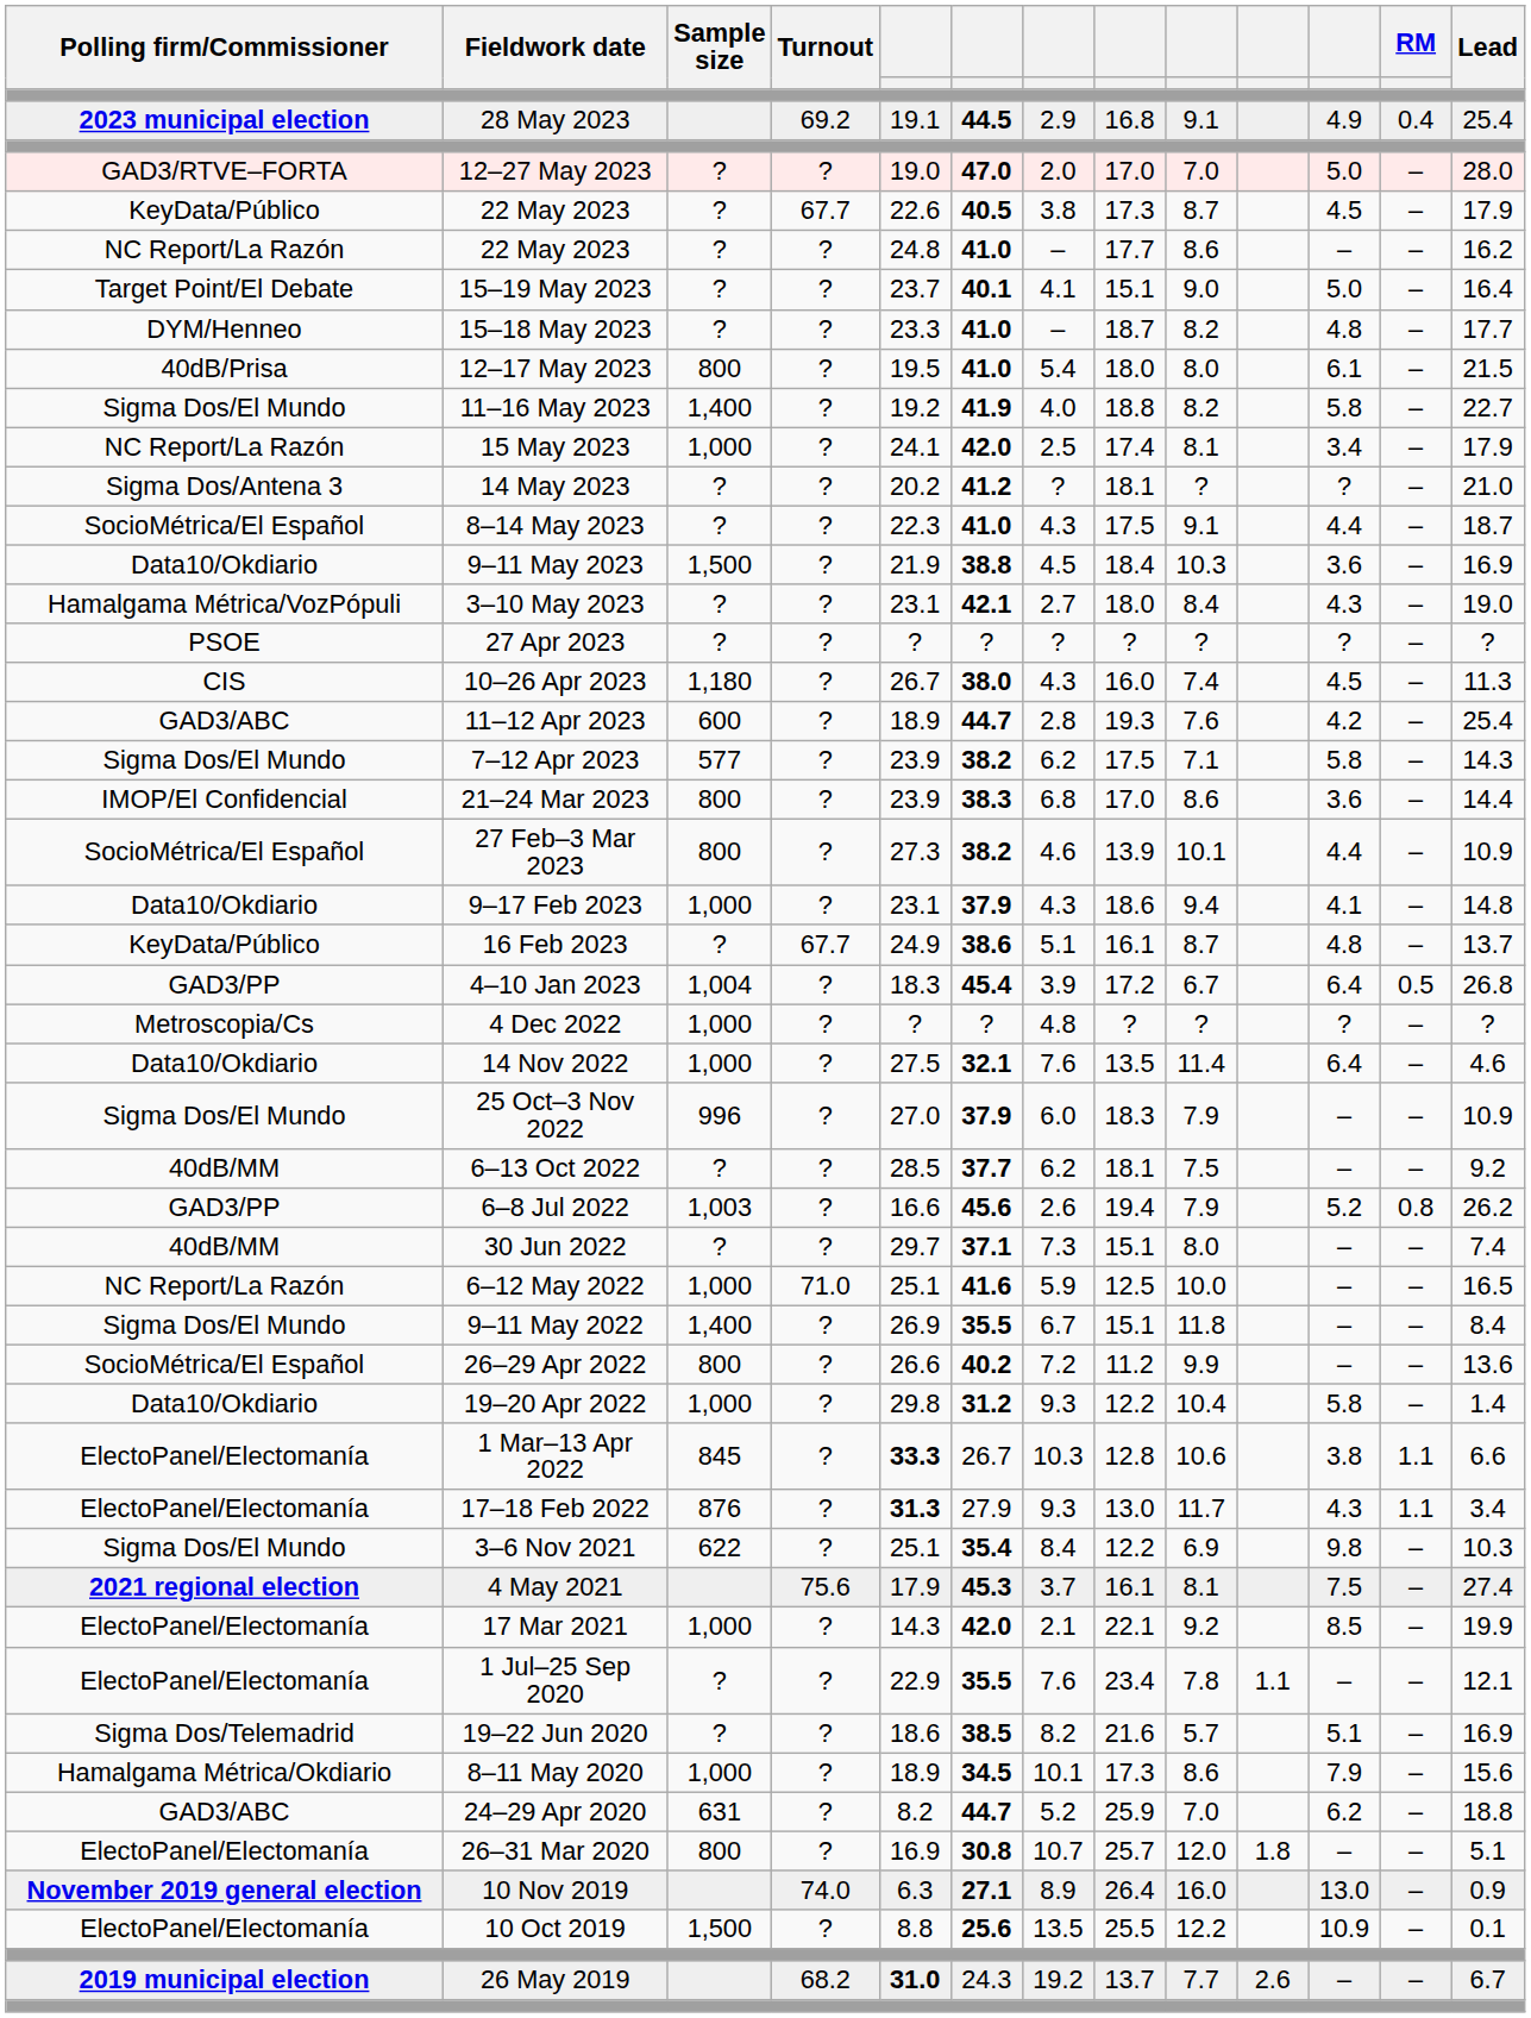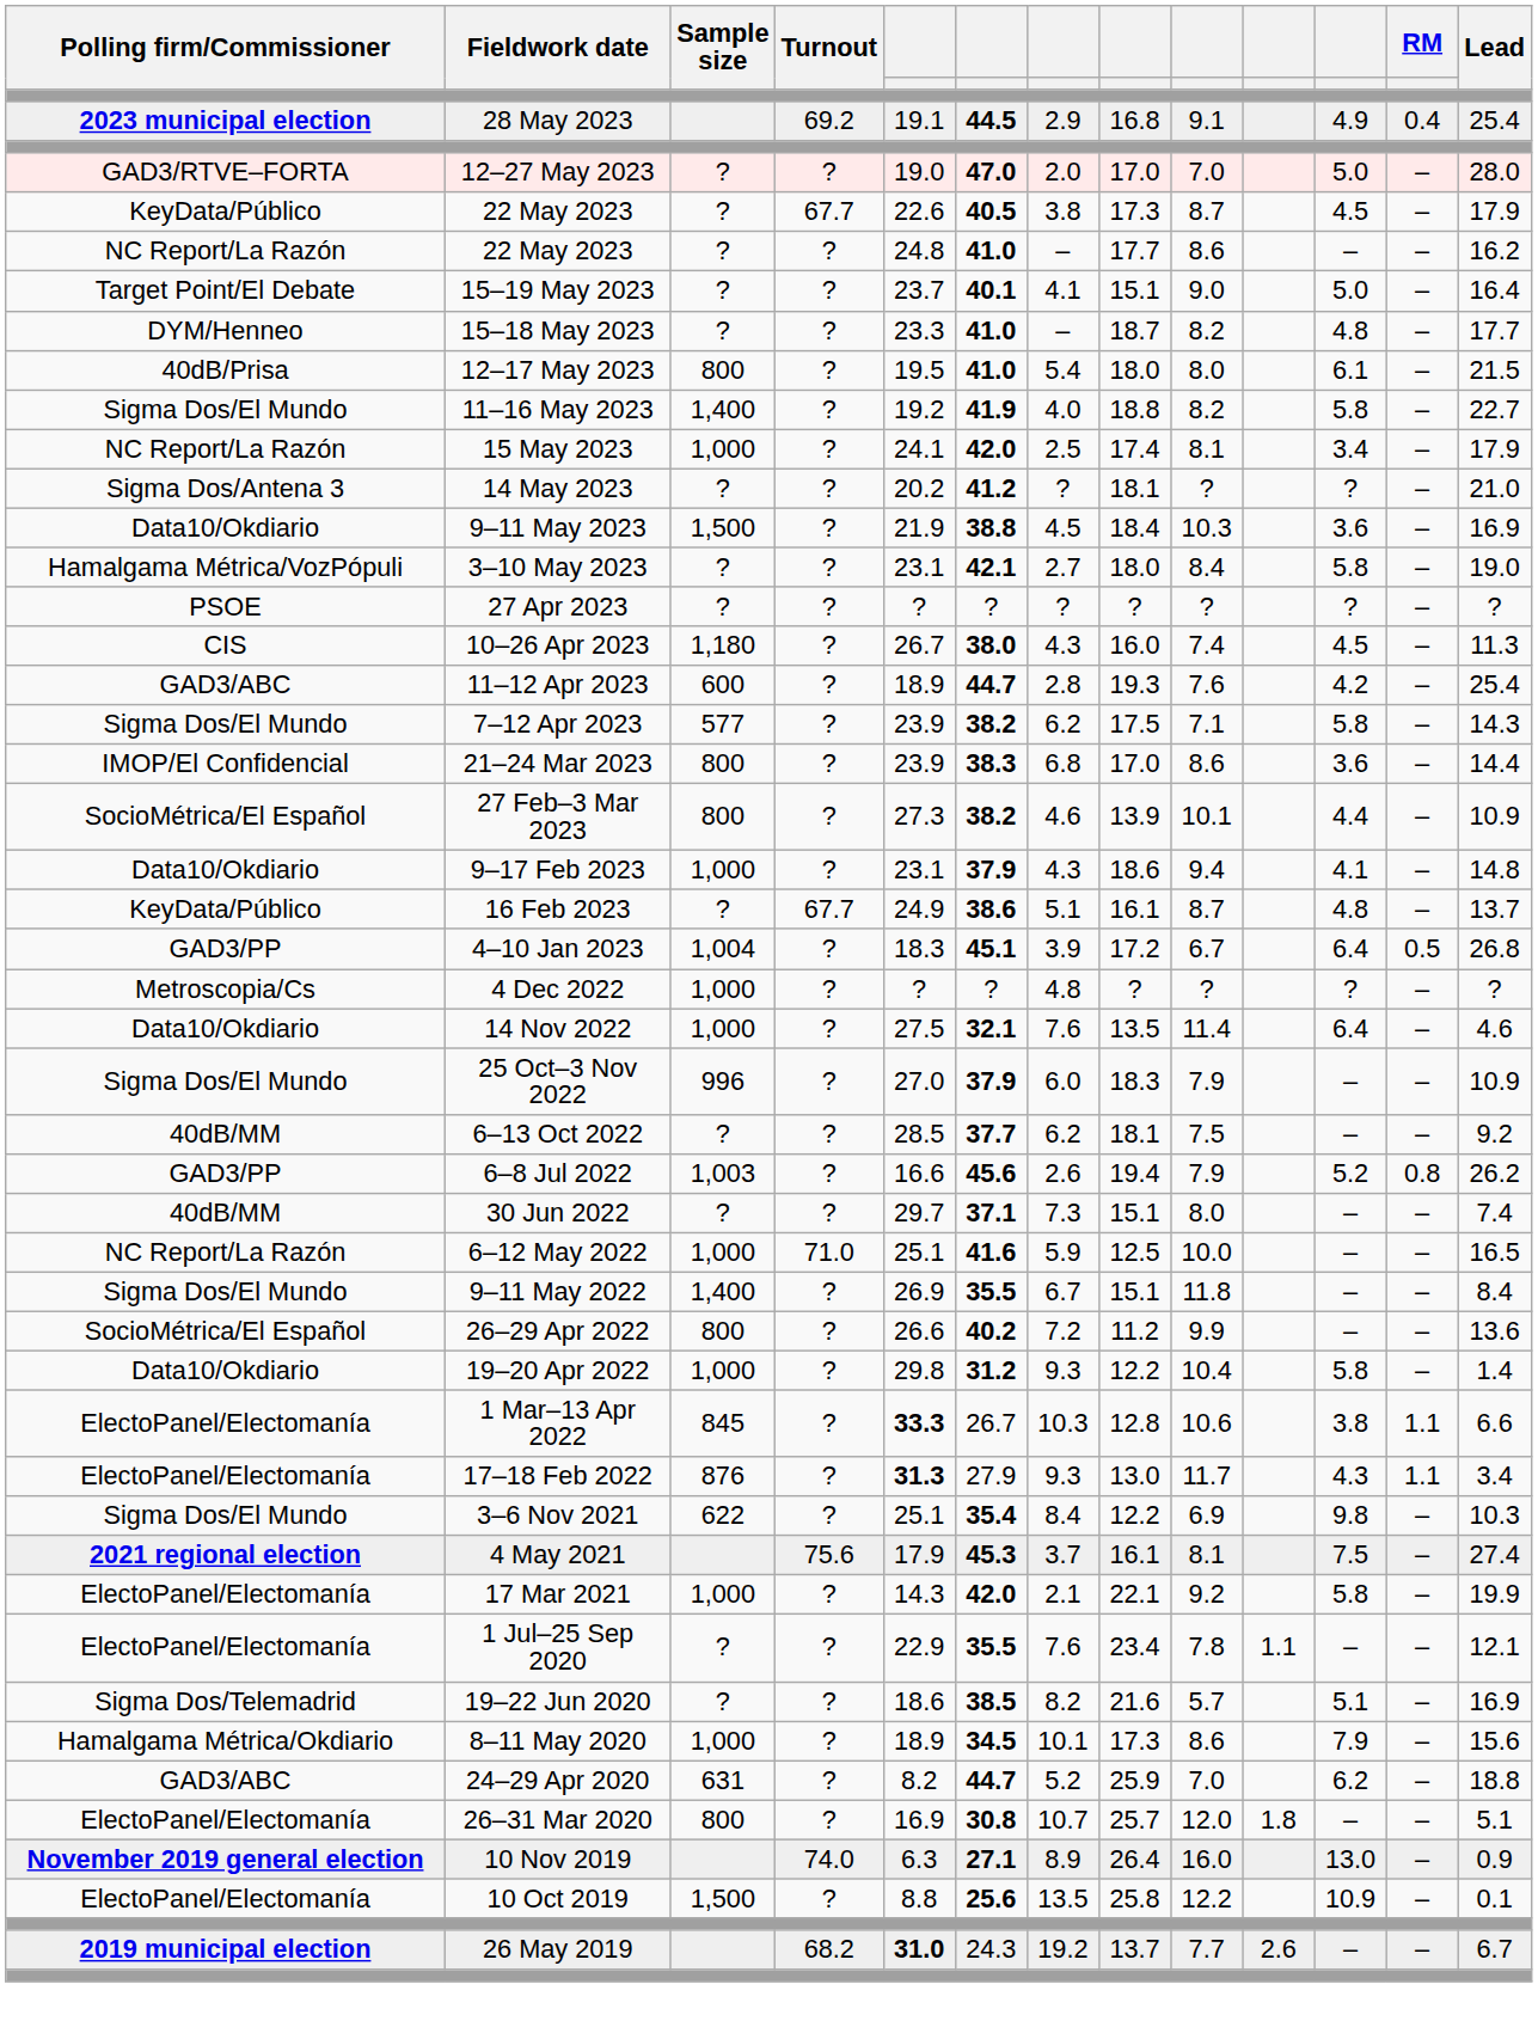 <table class="wikitable collapsible collapsed" style="text-align:center; font-size:95%; line-height:16px;">
 <tr style="height:42px;">
 <th style="width:250px;" rowspan="2">Polling firm/Commissioner</th>
 <th style="width:125px;" rowspan="2">Fieldwork date</th>
 <th style="width:50px;" rowspan="2">Sample size</th>
 <th style="width:45px;" rowspan="2">Turnout</th>
 <th style="width:35px;"></th>
 <th style="width:35px;"></th>
 <th style="width:35px;"></th>
 <th style="width:35px;"></th>
 <th style="width:35px;"></th>
 <th style="width:35px;"></th>
 <th style="width:35px;"></th>
 <th style="width:35px;"><a href='#'>RM</a></th>
 <th style="width:30px;" rowspan="2">Lead</th>
 </tr>
 <tr>
 <th style="color:inherit;background:"></th>
 <th style="color:inherit;background:"></th>
 <th style="color:inherit;background:"></th>
 <th style="color:inherit;background:"></th>
 <th style="color:inherit;background:"></th>
 <th style="color:inherit;background:"></th>
 <th style="color:inherit;background:"></th>
 <th style="color:inherit;background:"></th>
 </tr>
 <tr>
 <td colspan="13" style="background:#A0A0A0"></td>
 </tr>
 <tr style="background:#EFEFEF;">
 <td><strong><a href='#'>2023 municipal election</a></strong></td>
 <td>28 May 2023</td>
 <td></td>
 <td>69.2</td>
 <td>19.1<br></td>
 <td><strong>44.5</strong><br></td>
 <td>2.9<br></td>
 <td>16.8<br></td>
 <td>9.1<br></td>
 <td></td>
 <td>4.9<br></td>
 <td>0.4<br></td>
 <td style="background:">25.4</td>
 </tr>
 <tr>
 <td colspan="13" style="background:#A0A0A0"></td>
 </tr>
 <tr style="background:#FFEAEA;">
 <td>GAD3/RTVE–FORTA</td>
 <td>12–27 May 2023</td>
 <td>?</td>
 <td>?</td>
 <td>19.0<br></td>
 <td><strong>47.0</strong><br></td>
 <td>2.0<br></td>
 <td>17.0<br></td>
 <td>7.0<br></td>
 <td></td>
 <td>5.0<br></td>
 <td>–</td>
 <td style="background:">28.0</td>
 </tr>
 <tr>
 <td>KeyData/Público</td>
 <td>22 May 2023</td>
 <td>?</td>
 <td>67.7</td>
 <td>22.6<br></td>
 <td><strong>40.5</strong><br></td>
 <td>3.8<br></td>
 <td>17.3<br></td>
 <td>8.7<br></td>
 <td></td>
 <td>4.5<br></td>
 <td>–</td>
 <td style="background:">17.9</td>
 </tr>
 <tr>
 <td>NC Report/La Razón</td>
 <td>22 May 2023</td>
 <td>?</td>
 <td>?</td>
 <td>24.8<br></td>
 <td><strong>41.0</strong><br></td>
 <td>–</td>
 <td>17.7<br></td>
 <td>8.6<br></td>
 <td></td>
 <td>–</td>
 <td>–</td>
 <td style="background:">16.2</td>
 </tr>
 <tr>
 <td>Target Point/El Debate</td>
 <td>15–19 May 2023</td>
 <td>?</td>
 <td>?</td>
 <td>23.7<br></td>
 <td><strong>40.1</strong><br></td>
 <td>4.1<br></td>
 <td>15.1<br></td>
 <td>9.0<br></td>
 <td></td>
 <td>5.0<br></td>
 <td>–</td>
 <td style="background:">16.4</td>
 </tr>
 <tr>
 <td>DYM/Henneo</td>
 <td>15–18 May 2023</td>
 <td>?</td>
 <td>?</td>
 <td>23.3<br></td>
 <td><strong>41.0</strong><br></td>
 <td>–</td>
 <td>18.7<br></td>
 <td>8.2<br></td>
 <td></td>
 <td>4.8<br></td>
 <td>–</td>
 <td style="background:">17.7</td>
 </tr>
 <tr>
 <td>40dB/Prisa</td>
 <td>12–17 May 2023</td>
 <td>800</td>
 <td>?</td>
 <td>19.5<br></td>
 <td><strong>41.0</strong><br></td>
 <td>5.4<br></td>
 <td>18.0<br></td>
 <td>8.0<br></td>
 <td></td>
 <td>6.1<br></td>
 <td>–</td>
 <td style="background:">21.5</td>
 </tr>
 <tr>
 <td>Sigma Dos/El Mundo</td>
 <td>11–16 May 2023</td>
 <td>1,400</td>
 <td>?</td>
 <td>19.2<br></td>
 <td><strong>41.9</strong><br></td>
 <td>4.0<br></td>
 <td>18.8<br></td>
 <td>8.2<br></td>
 <td></td>
 <td>5.8<br></td>
 <td>–</td>
 <td style="background:">22.7</td>
 </tr>
 <tr>
 <td>NC Report/La Razón</td>
 <td>15 May 2023</td>
 <td>1,000</td>
 <td>?</td>
 <td>24.1<br></td>
 <td><strong>42.0</strong><br></td>
 <td>2.5<br></td>
 <td>17.4<br></td>
 <td>8.1<br></td>
 <td></td>
 <td>3.4<br></td>
 <td>–</td>
 <td style="background:">17.9</td>
 </tr>
 <tr>
 <td>Sigma Dos/Antena 3</td>
 <td>14 May 2023</td>
 <td>?</td>
 <td>?</td>
 <td>20.2<br></td>
 <td><strong>41.2</strong><br></td>
 <td>?<br></td>
 <td>18.1<br></td>
 <td>?<br></td>
 <td></td>
 <td>?<br></td>
 <td>–</td>
 <td style="background:">21.0</td>
 </tr>
 <tr>
-<td>SocioMétrica/El Español</td>
-<td>8–14 May 2023</td>
-<td>?</td>
-<td>?</td>
-<td>22.3<br></td>
-<td><strong>41.0</strong><br></td>
-<td>4.3<br></td>
-<td>17.5<br></td>
-<td>9.1<br></td>
-<td></td>
-<td>4.4<br></td>
-<td>–</td>
-<td style="background:">18.7</td>
-</tr>
-<tr>
 <td>Data10/Okdiario</td>
 <td>9–11 May 2023</td>
 <td>1,500</td>
 <td>?</td>
 <td>21.9<br></td>
 <td><strong>38.8</strong><br></td>
 <td>4.5<br></td>
 <td>18.4<br></td>
 <td>10.3<br></td>
 <td></td>
 <td>3.6<br></td>
 <td>–</td>
 <td style="background:">16.9</td>
 </tr>
 <tr>
 <td>Hamalgama Métrica/VozPópuli</td>
 <td>3–10 May 2023</td>
 <td>?</td>
 <td>?</td>
 <td>23.1<br></td>
 <td><strong>42.1</strong><br></td>
 <td>2.7<br></td>
 <td>18.0<br></td>
 <td>8.4<br></td>
 <td></td>
-<td>4.3<br></td>
+<td>5.8<br></td>
 <td>–</td>
 <td style="background:">19.0</td>
 </tr>
 <tr>
 <td>PSOE</td>
 <td>27 Apr 2023</td>
 <td>?</td>
 <td>?</td>
 <td>?<br></td>
 <td>?<br></td>
 <td>?<br></td>
 <td>?<br></td>
 <td>?<br></td>
 <td></td>
 <td>?<br></td>
 <td>–</td>
 <td style="background:">?</td>
 </tr>
 <tr>
 <td>CIS</td>
 <td>10–26 Apr 2023</td>
 <td>1,180</td>
 <td>?</td>
 <td>26.7<br></td>
 <td><strong>38.0</strong><br></td>
 <td>4.3<br></td>
 <td>16.0<br></td>
 <td>7.4<br></td>
 <td></td>
 <td>4.5<br></td>
 <td>–</td>
 <td style="background:">11.3</td>
 </tr>
 <tr>
 <td>GAD3/ABC</td>
 <td>11–12 Apr 2023</td>
 <td>600</td>
 <td>?</td>
 <td>18.9<br></td>
 <td><strong>44.7</strong><br></td>
 <td>2.8<br></td>
 <td>19.3<br></td>
 <td>7.6<br></td>
 <td></td>
 <td>4.2<br></td>
 <td>–</td>
 <td style="background:">25.4</td>
 </tr>
 <tr>
 <td>Sigma Dos/El Mundo</td>
 <td>7–12 Apr 2023</td>
 <td>577</td>
 <td>?</td>
 <td>23.9<br></td>
 <td><strong>38.2</strong><br></td>
 <td>6.2<br></td>
 <td>17.5<br></td>
 <td>7.1<br></td>
 <td></td>
 <td>5.8<br></td>
 <td>–</td>
 <td style="background:">14.3</td>
 </tr>
 <tr>
 <td>IMOP/El Confidencial</td>
 <td>21–24 Mar 2023</td>
 <td>800</td>
 <td>?</td>
 <td>23.9<br></td>
 <td><strong>38.3</strong><br></td>
 <td>6.8<br></td>
 <td>17.0<br></td>
 <td>8.6<br></td>
 <td></td>
 <td>3.6<br></td>
 <td>–</td>
 <td style="background:">14.4</td>
 </tr>
 <tr>
 <td>SocioMétrica/El Español</td>
 <td>27 Feb–3 Mar 2023</td>
 <td>800</td>
 <td>?</td>
 <td>27.3<br></td>
 <td><strong>38.2</strong><br></td>
 <td>4.6<br></td>
 <td>13.9<br></td>
 <td>10.1<br></td>
 <td></td>
 <td>4.4<br></td>
 <td>–</td>
 <td style="background:">10.9</td>
 </tr>
 <tr>
 <td>Data10/Okdiario</td>
 <td>9–17 Feb 2023</td>
 <td>1,000</td>
 <td>?</td>
 <td>23.1<br></td>
 <td><strong>37.9</strong><br></td>
 <td>4.3<br></td>
 <td>18.6<br></td>
 <td>9.4<br></td>
 <td></td>
 <td>4.1<br></td>
 <td>–</td>
 <td style="background:">14.8</td>
 </tr>
 <tr>
 <td>KeyData/Público</td>
 <td>16 Feb 2023</td>
 <td>?</td>
 <td>67.7</td>
 <td>24.9<br></td>
 <td><strong>38.6</strong><br></td>
 <td>5.1<br></td>
 <td>16.1<br></td>
 <td>8.7<br></td>
 <td></td>
 <td>4.8<br></td>
 <td>–</td>
 <td style="background:">13.7</td>
 </tr>
 <tr>
 <td>GAD3/PP</td>
 <td>4–10 Jan 2023</td>
 <td>1,004</td>
 <td>?</td>
 <td>18.3<br></td>
-<td><strong>45.4</strong><br></td>
+<td><strong>45.1</strong><br></td>
 <td>3.9<br></td>
 <td>17.2<br></td>
 <td>6.7<br></td>
 <td></td>
 <td>6.4<br></td>
 <td>0.5<br></td>
 <td style="background:">26.8</td>
 </tr>
 <tr>
 <td>Metroscopia/Cs</td>
 <td>4 Dec 2022</td>
 <td>1,000</td>
 <td>?</td>
 <td>?<br></td>
 <td>?<br></td>
 <td>4.8<br></td>
 <td>?<br></td>
 <td>?<br></td>
 <td></td>
 <td>?<br></td>
 <td>–</td>
 <td style="background:">?</td>
 </tr>
 <tr>
 <td>Data10/Okdiario</td>
 <td>14 Nov 2022</td>
 <td>1,000</td>
 <td>?</td>
 <td>27.5<br></td>
 <td><strong>32.1</strong><br></td>
 <td>7.6<br></td>
 <td>13.5<br></td>
 <td>11.4<br></td>
 <td></td>
 <td>6.4<br></td>
 <td>–</td>
 <td style="background:">4.6</td>
 </tr>
 <tr>
 <td>Sigma Dos/El Mundo</td>
 <td>25 Oct–3 Nov 2022</td>
 <td>996</td>
 <td>?</td>
 <td>27.0<br></td>
 <td><strong>37.9</strong><br></td>
 <td>6.0<br></td>
 <td>18.3<br></td>
 <td>7.9<br></td>
 <td></td>
 <td>–</td>
 <td>–</td>
 <td style="background:">10.9</td>
 </tr>
 <tr>
 <td>40dB/MM</td>
 <td>6–13 Oct 2022</td>
 <td>?</td>
 <td>?</td>
 <td>28.5<br></td>
 <td><strong>37.7</strong><br></td>
 <td>6.2<br></td>
 <td>18.1<br></td>
 <td>7.5<br></td>
 <td></td>
 <td>–</td>
 <td>–</td>
 <td style="background:">9.2</td>
 </tr>
 <tr>
 <td>GAD3/PP</td>
 <td>6–8 Jul 2022</td>
 <td>1,003</td>
 <td>?</td>
 <td>16.6<br></td>
 <td><strong>45.6</strong><br></td>
 <td>2.6<br></td>
 <td>19.4<br></td>
 <td>7.9<br></td>
 <td></td>
 <td>5.2<br></td>
 <td>0.8<br></td>
 <td style="background:">26.2</td>
 </tr>
 <tr>
 <td>40dB/MM</td>
 <td>30 Jun 2022</td>
 <td>?</td>
 <td>?</td>
 <td>29.7<br></td>
 <td><strong>37.1</strong><br></td>
 <td>7.3<br></td>
 <td>15.1<br></td>
 <td>8.0<br></td>
 <td></td>
 <td>–</td>
 <td>–</td>
 <td style="background:">7.4</td>
 </tr>
 <tr>
 <td>NC Report/La Razón</td>
 <td>6–12 May 2022</td>
 <td>1,000</td>
 <td>71.0</td>
 <td>25.1<br></td>
 <td><strong>41.6</strong><br></td>
 <td>5.9<br></td>
 <td>12.5<br></td>
 <td>10.0<br></td>
 <td></td>
 <td>–</td>
 <td>–</td>
 <td style="background:">16.5</td>
 </tr>
 <tr>
 <td>Sigma Dos/El Mundo</td>
 <td>9–11 May 2022</td>
 <td>1,400</td>
 <td>?</td>
 <td>26.9<br></td>
 <td><strong>35.5</strong><br></td>
 <td>6.7<br></td>
 <td>15.1<br></td>
 <td>11.8<br></td>
 <td></td>
 <td>–</td>
 <td>–</td>
 <td style="background:">8.4</td>
 </tr>
 <tr>
 <td>SocioMétrica/El Español</td>
 <td>26–29 Apr 2022</td>
 <td>800</td>
 <td>?</td>
 <td>26.6<br></td>
 <td><strong>40.2</strong><br></td>
 <td>7.2<br></td>
 <td>11.2<br></td>
 <td>9.9<br></td>
 <td></td>
 <td>–</td>
 <td>–</td>
 <td style="background:">13.6</td>
 </tr>
 <tr>
 <td>Data10/Okdiario</td>
 <td>19–20 Apr 2022</td>
 <td>1,000</td>
 <td>?</td>
 <td>29.8<br></td>
 <td><strong>31.2</strong><br></td>
 <td>9.3<br></td>
 <td>12.2<br></td>
 <td>10.4<br></td>
 <td></td>
 <td>5.8<br></td>
 <td>–</td>
 <td style="background:">1.4</td>
 </tr>
 <tr>
 <td>ElectoPanel/Electomanía</td>
 <td>1 Mar–13 Apr 2022</td>
 <td>845</td>
 <td>?</td>
 <td><strong>33.3</strong><br></td>
 <td>26.7<br></td>
 <td>10.3<br></td>
 <td>12.8<br></td>
 <td>10.6<br></td>
 <td></td>
 <td>3.8<br></td>
 <td>1.1<br></td>
 <td style="background:">6.6</td>
 </tr>
 <tr>
 <td>ElectoPanel/Electomanía</td>
 <td>17–18 Feb 2022</td>
 <td>876</td>
 <td>?</td>
 <td><strong>31.3</strong><br></td>
 <td>27.9<br></td>
 <td>9.3<br></td>
 <td>13.0<br></td>
 <td>11.7<br></td>
 <td></td>
 <td>4.3<br></td>
 <td>1.1<br></td>
 <td style="background:">3.4</td>
 </tr>
 <tr>
 <td>Sigma Dos/El Mundo</td>
 <td>3–6 Nov 2021</td>
 <td>622</td>
 <td>?</td>
 <td>25.1<br></td>
 <td><strong>35.4</strong><br></td>
 <td>8.4<br></td>
 <td>12.2<br></td>
 <td>6.9<br></td>
 <td></td>
 <td>9.8<br></td>
 <td>–</td>
 <td style="background:">10.3</td>
 </tr>
 <tr style="background:#EFEFEF;">
 <td><strong><a href='#'>2021 regional election</a></strong></td>
 <td>4 May 2021</td>
 <td></td>
 <td>75.6</td>
 <td>17.9<br></td>
 <td><strong>45.3</strong><br></td>
 <td>3.7<br></td>
 <td>16.1<br></td>
 <td>8.1<br></td>
 <td></td>
 <td>7.5<br></td>
 <td>–</td>
 <td style="background:">27.4</td>
 </tr>
 <tr>
 <td>ElectoPanel/Electomanía</td>
 <td>17 Mar 2021</td>
 <td>1,000</td>
 <td>?</td>
 <td>14.3<br></td>
 <td><strong>42.0</strong><br></td>
 <td>2.1<br></td>
 <td>22.1<br></td>
 <td>9.2<br></td>
 <td></td>
-<td>8.5<br></td>
+<td>5.8<br></td>
 <td>–</td>
 <td style="background:">19.9</td>
 </tr>
 <tr>
 <td>ElectoPanel/Electomanía</td>
 <td>1 Jul–25 Sep 2020</td>
 <td>?</td>
 <td>?</td>
 <td>22.9<br></td>
 <td><strong>35.5</strong><br></td>
 <td>7.6<br></td>
 <td>23.4<br></td>
 <td>7.8<br></td>
 <td>1.1<br></td>
 <td>–</td>
 <td>–</td>
 <td style="background:">12.1</td>
 </tr>
 <tr>
 <td>Sigma Dos/Telemadrid</td>
 <td>19–22 Jun 2020</td>
 <td>?</td>
 <td>?</td>
 <td>18.6<br></td>
 <td><strong>38.5</strong><br></td>
 <td>8.2<br></td>
 <td>21.6<br></td>
 <td>5.7<br></td>
 <td></td>
 <td>5.1<br></td>
 <td>–</td>
 <td style="background:">16.9</td>
 </tr>
 <tr>
 <td>Hamalgama Métrica/Okdiario</td>
 <td>8–11 May 2020</td>
 <td>1,000</td>
 <td>?</td>
 <td>18.9<br></td>
 <td><strong>34.5</strong><br></td>
 <td>10.1<br></td>
 <td>17.3<br></td>
 <td>8.6<br></td>
 <td></td>
 <td>7.9<br></td>
 <td>–</td>
 <td style="background:">15.6</td>
 </tr>
 <tr>
 <td>GAD3/ABC</td>
 <td>24–29 Apr 2020</td>
 <td>631</td>
 <td>?</td>
 <td>8.2<br></td>
 <td><strong>44.7</strong><br></td>
 <td>5.2<br></td>
 <td>25.9<br></td>
 <td>7.0<br></td>
 <td></td>
 <td>6.2<br></td>
 <td>–</td>
 <td style="background:">18.8</td>
 </tr>
 <tr>
 <td>ElectoPanel/Electomanía</td>
 <td>26–31 Mar 2020</td>
 <td>800</td>
 <td>?</td>
 <td>16.9<br></td>
 <td><strong>30.8</strong><br></td>
 <td>10.7<br></td>
 <td>25.7<br></td>
 <td>12.0<br></td>
 <td>1.8<br></td>
 <td>–</td>
 <td>–</td>
 <td style="background:">5.1</td>
 </tr>
 <tr style="background:#EFEFEF;">
 <td><strong><a href='#'>November 2019 general election</a></strong></td>
 <td>10 Nov 2019</td>
 <td></td>
 <td>74.0</td>
 <td>6.3<br></td>
 <td><strong>27.1</strong><br></td>
 <td>8.9<br></td>
 <td>26.4<br></td>
 <td>16.0<br></td>
 <td></td>
 <td>13.0<br></td>
 <td>–</td>
 <td style="background:">0.9</td>
 </tr>
 <tr>
 <td>ElectoPanel/Electomanía</td>
 <td>10 Oct 2019</td>
 <td>1,500</td>
 <td>?</td>
 <td>8.8<br></td>
 <td><strong>25.6</strong><br></td>
 <td>13.5<br></td>
-<td>25.5<br></td>
+<td>25.8<br></td>
 <td>12.2<br></td>
 <td></td>
 <td>10.9<br></td>
 <td>–</td>
 <td style="background:">0.1</td>
 </tr>
 <tr>
 <td colspan="13" style="background:#A0A0A0"></td>
 </tr>
 <tr style="background:#EFEFEF;">
 <td><strong><a href='#'>2019 municipal election</a></strong></td>
 <td>26 May 2019</td>
 <td></td>
 <td>68.2</td>
 <td><strong>31.0</strong><br></td>
 <td>24.3<br></td>
 <td>19.2<br></td>
 <td>13.7<br></td>
 <td>7.7<br></td>
 <td>2.6<br></td>
 <td>–</td>
 <td>–</td>
 <td style="background:">6.7</td>
 </tr>
 <tr>
 <td colspan="13" style="background:#A0A0A0"></td>
 </tr>
 </table>
